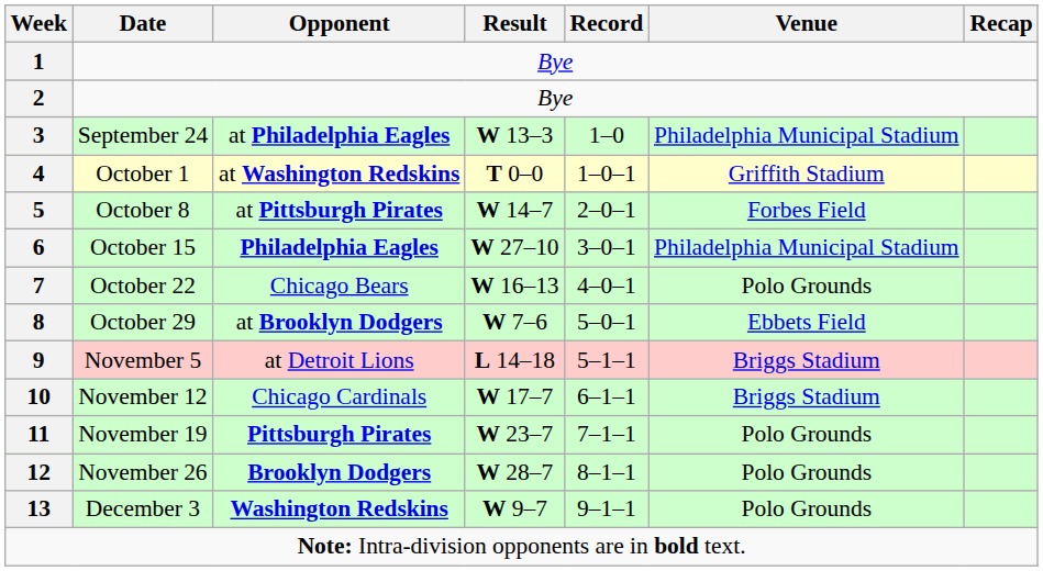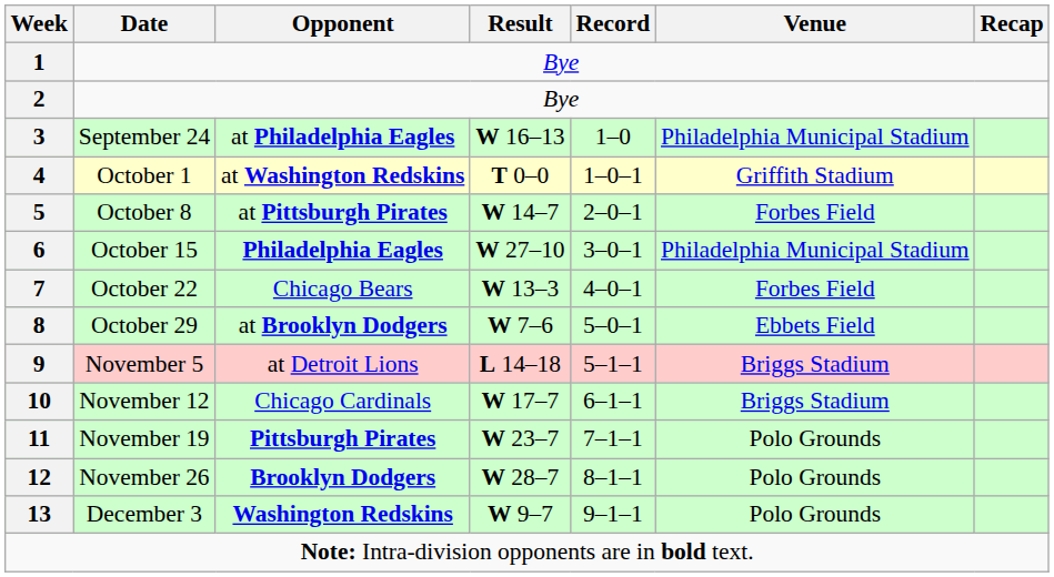 <table class="wikitable" style="text-align:center">
 <tr>
 <th>Week</th>
 <th>Date</th>
 <th>Opponent</th>
 <th>Result</th>
 <th>Record</th>
 <th>Venue</th>
 <th>Recap</th>
 </tr>
 <tr>
 <th>1</th>
 <td colspan="6"><em><a href='#'>Bye</a></em></td>
 </tr>
 <tr>
 <th>2</th>
 <td colspan="6"><em>Bye</em></td>
 </tr>
 <tr style="background:#cfc">
 <th>3</th>
 <td>September 24</td>
 <td>at <strong><a href='#'>Philadelphia Eagles</a></strong></td>
-<td><strong>W</strong> 13–3</td>
+<td><strong>W</strong> 16–13</td>
 <td>1–0</td>
 <td><a href='#'>Philadelphia Municipal Stadium</a></td>
 <td></td>
 </tr>
 <tr style="background:#ffc">
 <th>4</th>
 <td>October 1</td>
 <td>at <strong><a href='#'>Washington Redskins</a></strong></td>
 <td><strong>T</strong> 0–0</td>
 <td>1–0–1</td>
 <td><a href='#'>Griffith Stadium</a></td>
 <td></td>
 </tr>
 <tr style="background:#cfc">
 <th>5</th>
 <td>October 8</td>
 <td>at <strong><a href='#'>Pittsburgh Pirates</a></strong></td>
 <td><strong>W</strong> 14–7</td>
 <td>2–0–1</td>
 <td><a href='#'>Forbes Field</a></td>
 <td></td>
 </tr>
 <tr style="background:#cfc">
 <th>6</th>
 <td>October 15</td>
 <td><strong><a href='#'>Philadelphia Eagles</a></strong></td>
 <td><strong>W</strong> 27–10</td>
 <td>3–0–1</td>
 <td><a href='#'>Philadelphia Municipal Stadium</a></td>
 <td></td>
 </tr>
 <tr style="background:#cfc">
 <th>7</th>
 <td>October 22</td>
 <td><a href='#'>Chicago Bears</a></td>
-<td><strong>W</strong> 16–13</td>
+<td><strong>W</strong> 13–3</td>
 <td>4–0–1</td>
-<td>Polo Grounds</td>
+<td><a href='#'>Forbes Field</a></td>
 <td></td>
 </tr>
 <tr style="background:#cfc">
 <th>8</th>
 <td>October 29</td>
 <td>at <strong><a href='#'>Brooklyn Dodgers</a></strong></td>
 <td><strong>W</strong> 7–6</td>
 <td>5–0–1</td>
 <td><a href='#'>Ebbets Field</a></td>
 <td></td>
 </tr>
 <tr style="background:#fcc">
 <th>9</th>
 <td>November 5</td>
 <td>at <a href='#'>Detroit Lions</a></td>
 <td><strong>L</strong> 14–18</td>
 <td>5–1–1</td>
 <td><a href='#'>Briggs Stadium</a></td>
 <td></td>
 </tr>
 <tr style="background:#cfc">
 <th>10</th>
 <td>November 12</td>
 <td><a href='#'>Chicago Cardinals</a></td>
 <td><strong>W</strong> 17–7</td>
 <td>6–1–1</td>
 <td><a href='#'>Briggs Stadium</a></td>
 <td></td>
 </tr>
 <tr style="background:#cfc">
 <th>11</th>
 <td>November 19</td>
 <td><strong><a href='#'>Pittsburgh Pirates</a></strong></td>
 <td><strong>W</strong> 23–7</td>
 <td>7–1–1</td>
 <td>Polo Grounds</td>
 <td></td>
 </tr>
 <tr style="background:#cfc">
 <th>12</th>
 <td>November 26</td>
 <td><strong><a href='#'>Brooklyn Dodgers</a></strong></td>
 <td><strong>W</strong> 28–7</td>
 <td>8–1–1</td>
 <td>Polo Grounds</td>
 <td></td>
 </tr>
 <tr style="background:#cfc">
 <th>13</th>
 <td>December 3</td>
 <td><strong><a href='#'>Washington Redskins</a></strong></td>
 <td><strong>W</strong> 9–7</td>
 <td>9–1–1</td>
 <td>Polo Grounds</td>
 <td></td>
 </tr>
 <tr>
 <td colspan="8"><strong>Note:</strong> Intra-division opponents are in <strong>bold</strong> text.</td>
 </tr>
 </table>
